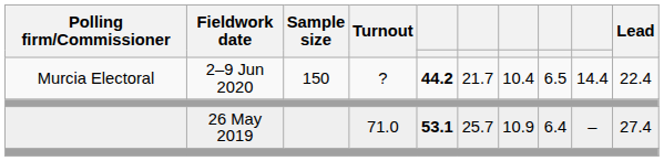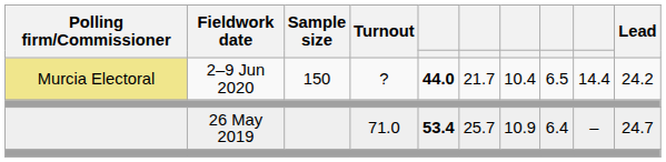 <table class="wikitable collapsible collapsed" style="text-align:center; font-size:95%; line-height:16px;">
 <tr style="height:42px;">
 <th style="width:250px;" rowspan="2">Polling firm/Commissioner</th>
 <th style="width:125px;" rowspan="2">Fieldwork date</th>
 <th style="width:50px;" rowspan="2">Sample size</th>
 <th style="width:45px;" rowspan="2">Turnout</th>
 <th style="width:35px;"></th>
 <th style="width:35px;"></th>
 <th style="width:35px;"></th>
 <th style="width:35px;"></th>
 <th style="width:35px;"></th>
 <th style="width:30px;" rowspan="2">Lead</th>
 </tr>
 <tr>
 <th style="color:inherit;background:"></th>
 <th style="color:inherit;background:"></th>
 <th style="color:inherit;background:"></th>
 <th style="color:inherit;background:"></th>
 <th style="color:inherit;background:"></th>
 </tr>
 <tr>
-<td>Murcia Electoral</td>
+<td style="background: khaki;">Murcia Electoral</td>
 <td>2–9 Jun 2020</td>
 <td>150</td>
 <td>?</td>
-<td><strong>44.2</strong><br></td>
+<td><strong>44.0</strong><br></td>
 <td>21.7<br></td>
 <td>10.4<br></td>
 <td>6.5<br></td>
 <td>14.4<br></td>
-<td style="background:">22.4</td>
+<td style="background:">24.2</td>
 </tr>
 <tr>
 <td colspan="10" style="background:#A0A0A0"></td>
 </tr>
 <tr style="background:#EFEFEF;">
 <td><strong></strong></td>
 <td>26 May 2019</td>
 <td></td>
 <td>71.0</td>
-<td><strong>53.1</strong><br></td>
+<td><strong>53.4</strong><br></td>
 <td>25.7<br></td>
 <td>10.9<br></td>
 <td>6.4<br></td>
 <td>–</td>
-<td style="background:">27.4</td>
+<td style="background:">24.7</td>
 </tr>
 <tr>
 <td colspan="10" style="background:#A0A0A0"></td>
 </tr>
 </table>
